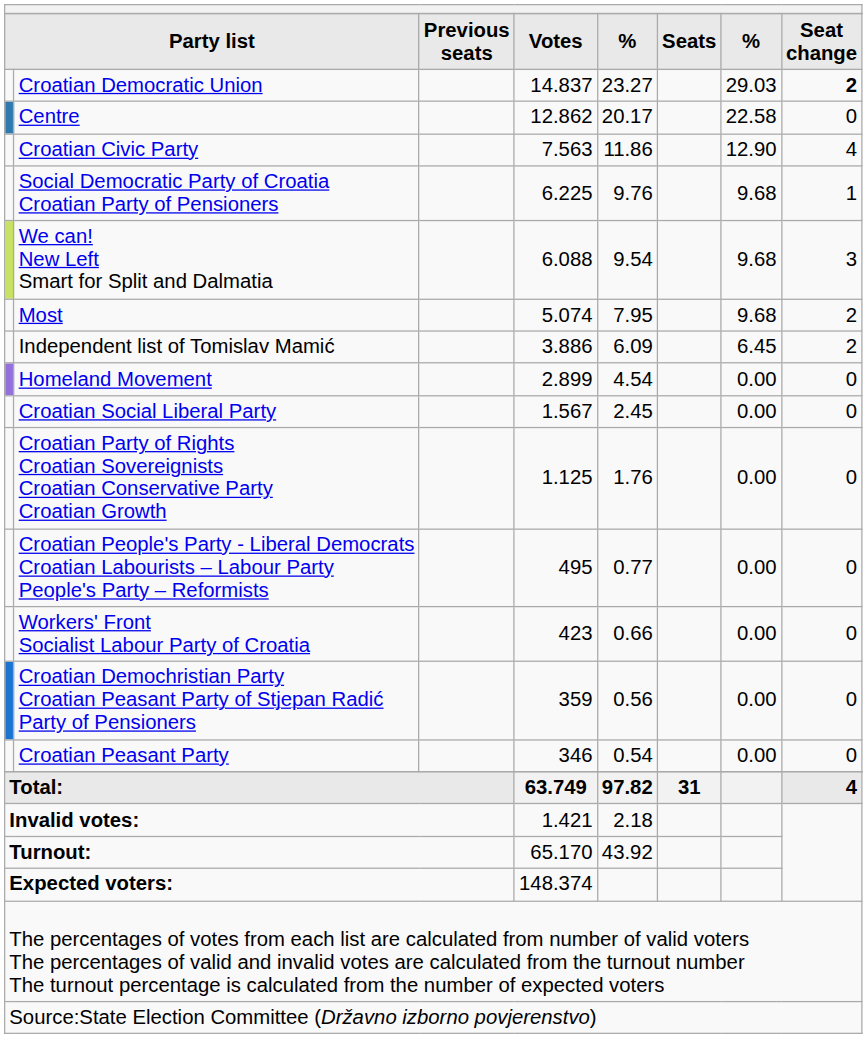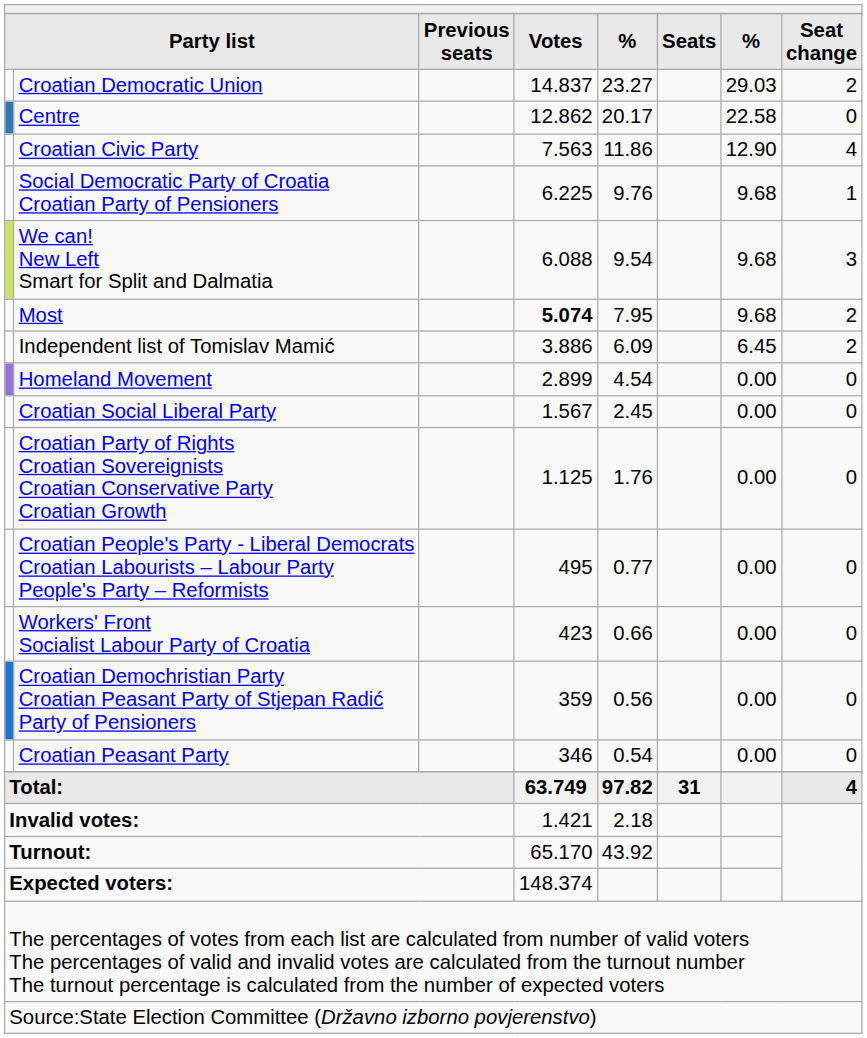 <table class="wikitable" border="1">
 <tr>
 <th colspan=8></th>
 </tr>
 <tr>
 </tr>
 <tr style="background-color:#C9C9C9">
 <th style="background-color:#E9E9E9" align= center colspan="2">Party list</th>
 <th style="background-color:#E9E9E9" align= center>Previous<br>seats</th>
 <th style="background-color:#E9E9E9" align= center>Votes</th>
 <th style="background-color:#E9E9E9" align= center>%</th>
 <th style="background-color:#E9E9E9" align= center>Seats</th>
 <th style="background-color:#E9E9E9" align= center>%</th>
 <th style="background-color:#E9E9E9" align= center>Seat<br>change</th>
 </tr>
 <tr>
 <td></td>
 <td align="left"><a href='#'>Croatian Democratic Union</a></td>
 <td align="left"></td>
 <td align="right">14.837</td>
 <td align="right">23.27</td>
 <td align="left"></td>
 <td align="right">29.03</td>
-<td align="right"><strong>2</strong></td>
+<td align="right">2</td>
 </tr>
 <tr>
 <td style="color:inherit;background:#2D7AB0"></td>
 <td align="left"><a href='#'>Centre</a></td>
 <td align="left"></td>
 <td align="right">12.862</td>
 <td align="right">20.17</td>
 <td align="left"></td>
 <td align="right">22.58</td>
 <td align="right">0</td>
 </tr>
 <tr>
 <td></td>
 <td align="left"><a href='#'>Croatian Civic Party</a></td>
 <td align="left"></td>
 <td align="right">7.563</td>
 <td align="right">11.86</td>
 <td align="left"></td>
 <td align="right">12.90</td>
 <td align="right">4</td>
 </tr>
 <tr>
 <td></td>
 <td align="left"><a href='#'>Social Democratic Party of Croatia</a> <br> <a href='#'>Croatian Party of Pensioners</a></td>
 <td align="left"></td>
 <td align="right">6.225</td>
 <td align="right">9.76</td>
 <td align="left"></td>
 <td align="right">9.68</td>
 <td align="right">1</td>
 </tr>
 <tr>
 <td style="color:inherit;background:#C9E265"></td>
 <td align="left"><a href='#'>We can!</a><br><a href='#'>New Left</a><br> Smart for Split and Dalmatia</td>
 <td align="left"></td>
 <td align="right">6.088</td>
 <td align="right">9.54</td>
 <td align="left"></td>
 <td align="right">9.68</td>
 <td align="right">3</td>
 </tr>
 <tr>
 <td></td>
 <td align="left"><a href='#'>Most</a></td>
 <td align="left"></td>
-<td align="right">5.074</td>
+<td align="right"><strong>5.074</strong></td>
 <td align="right">7.95</td>
 <td align="left"></td>
 <td align="right">9.68</td>
 <td align="right">2</td>
 </tr>
 <tr>
 <td></td>
 <td align="left">Independent list of Tomislav Mamić</td>
 <td align="left"></td>
 <td align="right">3.886</td>
 <td align="right">6.09</td>
 <td align="left"></td>
 <td align="right">6.45</td>
 <td align="right">2</td>
 </tr>
 <tr>
 <td style="color:inherit;background:#9370db"></td>
 <td align="left"><a href='#'>Homeland Movement</a></td>
 <td align="left"></td>
 <td align="right">2.899</td>
 <td align="right">4.54</td>
 <td align="left"></td>
 <td align="right">0.00</td>
 <td align="right">0</td>
 </tr>
 <tr>
 <td></td>
 <td align="left"><a href='#'>Croatian Social Liberal Party</a></td>
 <td align="left"></td>
 <td align="right">1.567</td>
 <td align="right">2.45</td>
 <td align="left"></td>
 <td align="right">0.00</td>
 <td align="right">0</td>
 </tr>
 <tr>
 <td></td>
 <td align="left"><a href='#'>Croatian Party of Rights</a><br><a href='#'>Croatian Sovereignists</a><br><a href='#'>Croatian Conservative Party</a><br><a href='#'>Croatian Growth</a></td>
 <td align="left"></td>
 <td align="right">1.125</td>
 <td align="right">1.76</td>
 <td align="left"></td>
 <td align="right">0.00</td>
 <td align="right">0</td>
 </tr>
 <tr>
 <td></td>
 <td align="left"><a href='#'>Croatian People's Party - Liberal Democrats</a><br><a href='#'>Croatian Labourists – Labour Party</a><br><a href='#'>People's Party – Reformists</a></td>
 <td align="left"></td>
 <td align="right">495</td>
 <td align="right">0.77</td>
 <td align="left"></td>
 <td align="right">0.00</td>
 <td align="right">0</td>
 </tr>
 <tr>
 <td></td>
 <td align="left"><a href='#'>Workers' Front</a><br><a href='#'>Socialist Labour Party of Croatia</a></td>
 <td align="left"></td>
 <td align="right">423</td>
 <td align="right">0.66</td>
 <td align="left"></td>
 <td align="right">0.00</td>
 <td align="right">0</td>
 </tr>
 <tr>
 <td style="color:inherit;background:#1974D2"></td>
 <td align="left"><a href='#'>Croatian Demochristian Party</a> <br> <a href='#'>Croatian Peasant Party of Stjepan Radić</a><br><a href='#'>Party of Pensioners</a></td>
 <td align="left"></td>
 <td align="right">359</td>
 <td align="right">0.56</td>
 <td align="left"></td>
 <td align="right">0.00</td>
 <td align="right">0</td>
 </tr>
 <tr>
 <td></td>
 <td align="left"><a href='#'>Croatian Peasant Party</a></td>
 <td align="left"></td>
 <td align="right">346</td>
 <td align="right">0.54</td>
 <td align="left"></td>
 <td align="right">0.00</td>
 <td align="right">0</td>
 </tr>
 <tr>
 </tr>
 <tr style="background-color:#E9E9E9">
 <td colspan="3" align="left"><strong>Total:</strong></td>
 <th align="right">63.749</th>
 <th align="right">97.82</th>
 <th align="right">31</th>
 <th align="right"></th>
 <td align="right"> <strong>4</strong></td>
 </tr>
 <tr>
 <td colspan="3" align="left"><strong>Invalid votes:</strong></td>
 <td align="right">1.421</td>
 <td align="right">2.18</td>
 <td align="right"></td>
 <td align="right"></td>
 </tr>
 <tr>
 <td colspan="3" align="left"><strong>Turnout:</strong></td>
 <td align="right">65.170</td>
 <td align="right">43.92</td>
 <td align="right"></td>
 <td align="right"></td>
 </tr>
 <tr>
 <td colspan="3" align="left"><strong>Expected voters:</strong></td>
 <td align="right">148.374</td>
 <td align="right"></td>
 <td align="right"></td>
 <td align="right"></td>
 </tr>
 <tr>
 <td colspan="8" align="left"><br>The percentages of votes from each list are calculated from number of valid voters<br> The percentages of valid and invalid votes are calculated from the turnout number<br> The turnout percentage is calculated from the number of expected voters</td>
 </tr>
 <tr>
 <td colspan="8" align="left">Source:State Election Committee (<em>Državno izborno povjerenstvo</em>) </td>
 </tr>
 </table>
